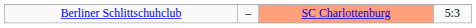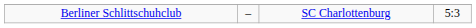 <table class="wikitable" width="50%">
 <tr class="hintergrundfarbe5">
 </tr>
 <tr align="center">
 <td><a href='#'>Berliner Schlittschuhclub</a></td>
 <td>–</td>
-<td style="background: lightsalmon;"><a href='#'>SC Charlottenburg</a></td>
+<td><a href='#'>SC Charlottenburg</a></td>
 <td>5:3</td>
 </tr>
 </table>
